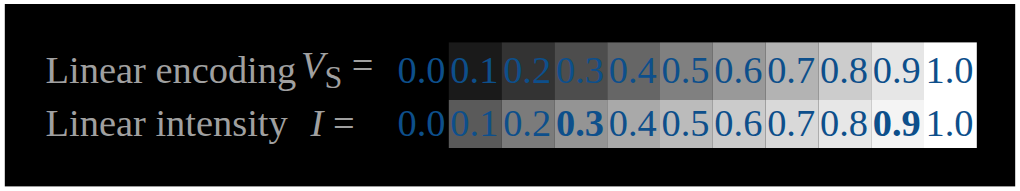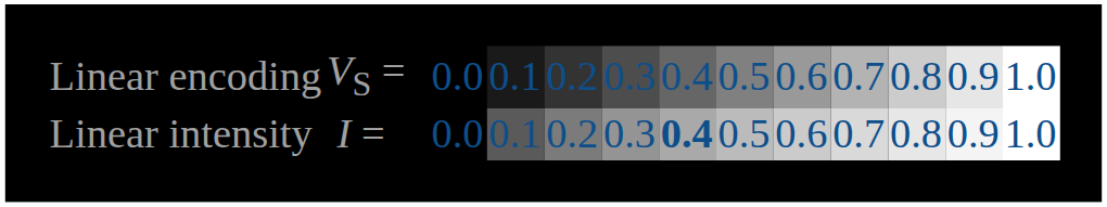 <table style="background: #000000; color: gray; padding: 1em; margin: 0 2em 0 2em; border-spacing: 0px;">
 <tr>
 <td style="color: #A0A0A0;">Linear encoding</td>
 <td style="color: #A0A0A0;"><em>V</em><sub>S</sub> =  </td>
 <td style="background: #000000; color: #0D4F8B;">0.0</td>
 <td style="background: #1A1A1A; color: #0D4F8B;">0.1</td>
 <td style="background: #333333; color: #0D4F8B;">0.2</td>
 <td style="background: #4D4D4D; color: #0D4F8B;">0.3</td>
 <td style="background: #666666; color: #0D4F8B;">0.4</td>
 <td style="background: #808080; color: #0D4F8B;">0.5</td>
 <td style="background: #999999; color: #0D4F8B;">0.6</td>
 <td style="background: #B3B3B3; color: #0D4F8B;">0.7</td>
 <td style="background: #CCCCCC; color: #0D4F8B;">0.8</td>
 <td style="background: #E6E6E6; color: #0D4F8B;">0.9</td>
 <td style="background: #FFFFFF; color: #0D4F8B;">1.0</td>
 </tr>
 <tr>
 <td style="color: #A0A0A0;">Linear intensity</td>
 <td style="color: #A0A0A0;"> <em>I</em> = </td>
 <td style="background: #000000; color: #0D4F8B;">0.0</td>
 <td style="background: #5A5A5A; color: #0D4F8B;">0.1</td>
 <td style="background: #7B7B7B; color: #0D4F8B;">0.2</td>
-<td style="background: #949494; color: #0D4F8B;"><strong>0.3</strong></td>
-<td style="background: #A9A9A9; color: #0D4F8B;">0.4</td>
+<td style="background: #949494; color: #0D4F8B;">0.3</td>
+<td style="background: #A9A9A9; color: #0D4F8B;"><strong>0.4</strong></td>
 <td style="background: #BBBBBB; color: #0D4F8B;">0.5</td>
 <td style="background: #CBCBCB; color: #0D4F8B;">0.6</td>
 <td style="background: #D9D9D9; color: #0D4F8B;">0.7</td>
 <td style="background: #E7E7E7; color: #0D4F8B;">0.8</td>
-<td style="background: #F4F4F4; color: #0D4F8B;"><strong>0.9</strong></td>
+<td style="background: #F4F4F4; color: #0D4F8B;">0.9</td>
 <td style="background: #FFFFFF; color: #0D4F8B;">1.0</td>
 </tr>
 </table>
